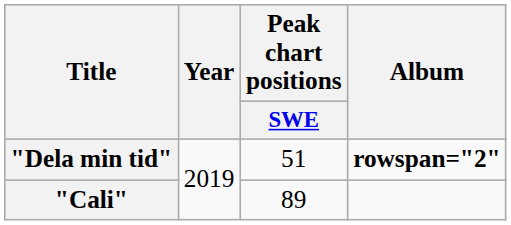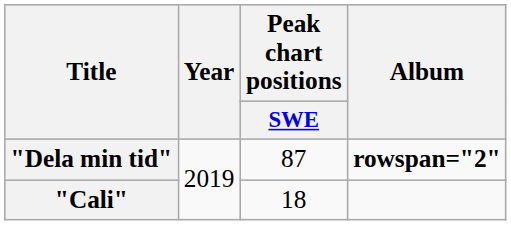 <table class="wikitable plainrowheaders" style="text-align:center">
 <tr>
 <th scope="col" rowspan="2">Title</th>
 <th scope="col" rowspan="2">Year</th>
 <th scope="col" colspan="1">Peak chart positions</th>
 <th scope="col" rowspan="2">Album</th>
 </tr>
 <tr>
 <th scope="col" style="width:3em;font-size:90%;"><a href='#'>SWE</a><br></th>
 </tr>
 <tr>
 <th scope="row">"Dela min tid"<br></th>
 <td rowspan="2">2019</td>
-<td>51</td>
+<td>87</td>
 <td><strong>rowspan="2" </strong></td>
 </tr>
 <tr>
 <th scope="row">"Cali" </th>
-<td>89<br></td>
+<td>18<br></td>
 </tr>
 </table>
